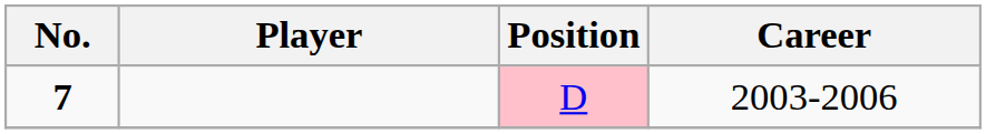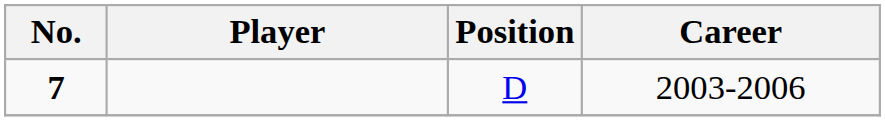 <table class="wikitable" style="text-align:center">
 <tr>
 <th style="width:40px;">No.</th>
 <th style="width:150px;">Player</th>
 <th style="width:40px;">Position</th>
 <th style="width:130px;">Career</th>
 </tr>
 <tr>
 <td><strong>7</strong></td>
 <td></td>
-<td style="background: pink;"><a href='#'>D</a></td>
+<td><a href='#'>D</a></td>
 <td>2003-2006</td>
 </tr>
 <tr>
 </tr>
 </table>
